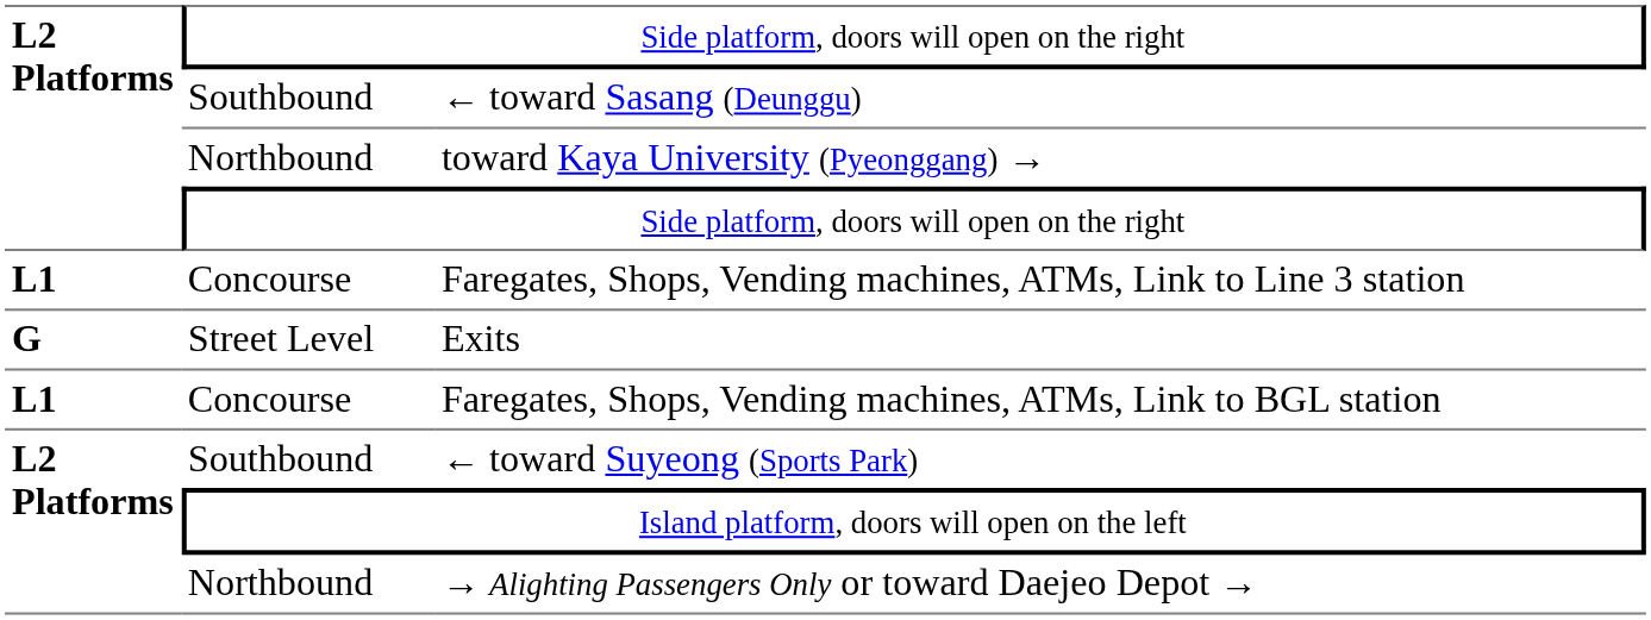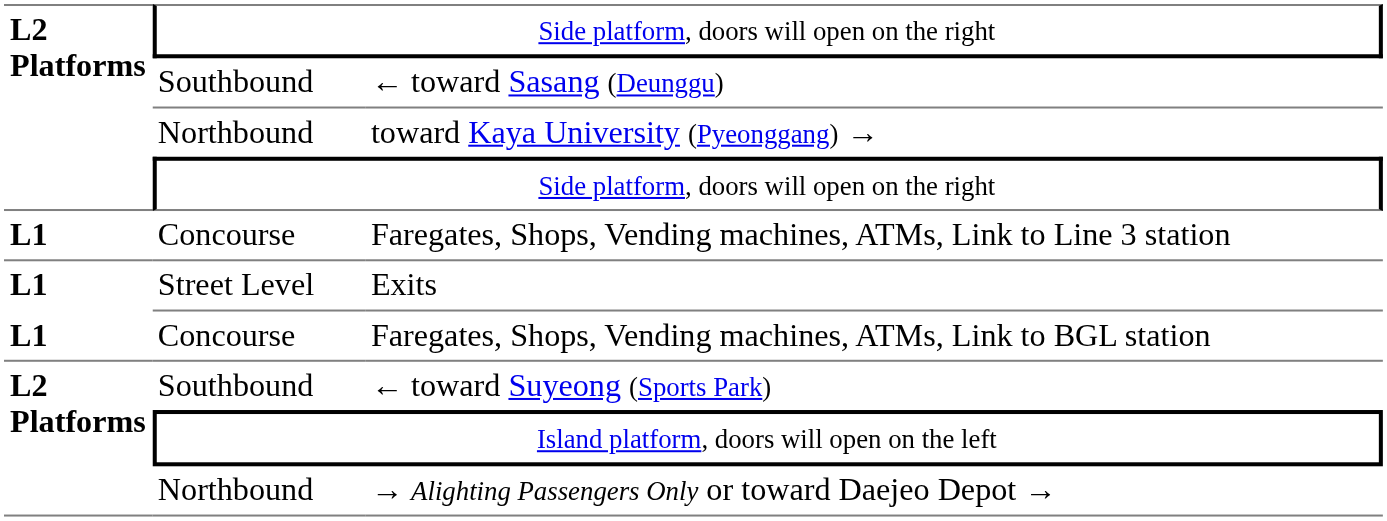 <table table border=0 cellspacing=0 cellpadding=3>
 <tr>
 <td style="border-top:solid 1px gray;border-bottom:solid 1px gray;" rowspan=4 valign=top><strong>L2<br>Platforms</strong></td>
 <td style="border-top:solid 1px gray;border-right:solid 2px black;border-left:solid 2px black;border-bottom:solid 2px black;text-align:center;" colspan=2><small><a href='#'>Side platform</a>, doors will open on the right</small></td>
 </tr>
 <tr>
 <td style="border-bottom:solid 1px gray;">Southbound</td>
 <td style="border-bottom:solid 1px gray;">←  toward <a href='#'>Sasang</a> <small>(<a href='#'>Deunggu</a>)</small></td>
 </tr>
 <tr>
 <td>Northbound</td>
 <td>  toward <a href='#'>Kaya University</a> <small>(<a href='#'>Pyeonggang</a>)</small> →</td>
 </tr>
 <tr>
 <td style="border-top:solid 2px black;border-right:solid 2px black;border-left:solid 2px black;border-bottom:solid 1px gray;text-align:center;" colspan=2><small><a href='#'>Side platform</a>, doors will open on the right</small></td>
 </tr>
 <tr>
 <td style="border-bottom:solid 1px gray;" width=50 valign=top><strong>L1</strong></td>
 <td style="border-bottom:solid 1px gray;" width=100 valign=top>Concourse</td>
 <td style="border-bottom:solid 1px gray;" width=400 valign=top>Faregates, Shops, Vending machines, ATMs, Link to Line 3 station</td>
 </tr>
 <tr>
-<td style="border-bottom:solid 1px gray;" width=50 valign=top><strong>G</strong></td>
+<td style="border-bottom:solid 0 gray;" width=50 valign=top><strong>L1</strong></td>
 <td style="border-bottom:solid 1px gray;" width=100 valign=top>Street Level</td>
 <td style="border-bottom:solid 1px gray;" width=400 valign=top>Exits</td>
 </tr>
 <tr>
 <td style="border-bottom:solid 0 gray;" width=50 valign=top><strong>L1</strong></td>
 <td style="border-bottom:solid 0 gray;" width=100 valign=top>Concourse</td>
 <td style="border-bottom:solid 0 gray;" width=500 valign=top>Faregates, Shops, Vending machines, ATMs, Link to BGL station</td>
 </tr>
 <tr>
 <td style="border-top:solid 1px gray;border-bottom:solid 1px gray;" rowspan=3 valign=top><strong>L2<br>Platforms</strong></td>
 <td style="border-top:solid 1px gray;">Southbound</td>
 <td style="border-top:solid 1px gray;">←  toward <a href='#'>Suyeong</a> <small>(<a href='#'>Sports Park</a>)</small></td>
 </tr>
 <tr>
 <td style="border-top:solid 2px black;border-right:solid 2px black;border-left:solid 2px black;border-bottom:solid 2px black;text-align:center;" colspan=2><small><a href='#'>Island platform</a>, doors will open on the left</small></td>
 </tr>
 <tr>
 <td style="border-bottom:solid 1px gray;">Northbound</td>
 <td style="border-bottom:solid 1px gray;"><span>→</span>  <small><em>Alighting Passengers Only</em></small> or toward Daejeo Depot →</td>
 </tr>
 </table>
